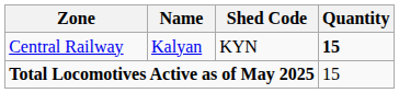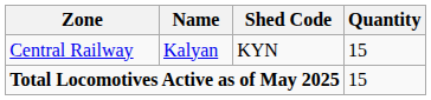 <table class="wikitable">
 <tr>
 <th>Zone</th>
 <th>Name</th>
 <th>Shed Code</th>
 <th>Quantity</th>
 </tr>
 <tr>
 <td><a href='#'>Central Railway</a></td>
 <td><a href='#'>Kalyan</a></td>
 <td>KYN</td>
-<td><strong>15</strong></td>
+<td>15</td>
 </tr>
 <tr>
 <td colspan="3"><strong>Total Locomotives Active as of May 2025</strong></td>
 <td>15</td>
 </tr>
 </table>
